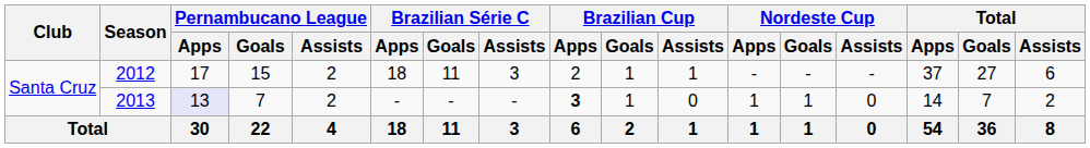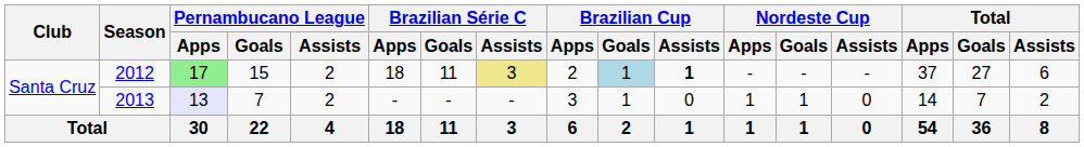 <table class="wikitable" style="text-align: center;">
 <tr>
 <th rowspan="2">Club</th>
 <th rowspan="2">Season</th>
 <th colspan="3"><a href='#'>Pernambucano League</a></th>
 <th colspan="3"><a href='#'>Brazilian Série C</a></th>
 <th colspan="3"><a href='#'>Brazilian Cup</a></th>
 <th colspan="3"><a href='#'>Nordeste Cup</a></th>
 <th colspan="3">Total</th>
 </tr>
 <tr>
 <th>Apps</th>
 <th>Goals</th>
 <th>Assists</th>
 <th>Apps</th>
 <th>Goals</th>
 <th>Assists</th>
 <th>Apps</th>
 <th>Goals</th>
 <th>Assists</th>
 <th>Apps</th>
 <th>Goals</th>
 <th>Assists</th>
 <th>Apps</th>
 <th>Goals</th>
 <th>Assists</th>
 </tr>
 <tr>
 <td rowspan="2" valign="center"><a href='#'>Santa Cruz</a></td>
 <td><a href='#'>2012</a></td>
-<td>17</td>
+<td style="background: lightgreen;">17</td>
 <td>15</td>
 <td>2</td>
 <td>18</td>
 <td>11</td>
-<td>3</td>
+<td style="background: khaki;">3</td>
 <td>2</td>
-<td>1</td>
-<td>1</td>
+<td style="background: lightblue;">1</td>
+<td><strong>1</strong></td>
 <td>-</td>
 <td>-</td>
 <td>-</td>
 <td>37</td>
 <td>27</td>
 <td>6</td>
 </tr>
 <tr>
 <td><a href='#'>2013</a></td>
 <td style="background: lavender;">13</td>
 <td>7</td>
 <td>2</td>
 <td>-</td>
 <td>-</td>
 <td>-</td>
-<td><strong>3</strong></td>
+<td>3</td>
 <td>1</td>
 <td>0</td>
 <td>1</td>
 <td>1</td>
 <td>0</td>
 <td>14</td>
 <td>7</td>
 <td>2</td>
 </tr>
 <tr>
 </tr>
 <tr>
 <th colspan="2"><strong>Total</strong></th>
 <th>30</th>
 <th>22</th>
 <th>4</th>
 <th>18</th>
 <th>11</th>
 <th>3</th>
 <th>6</th>
 <th>2</th>
 <th>1</th>
 <th>1</th>
 <th>1</th>
 <th>0</th>
 <th>54</th>
 <th>36</th>
 <th>8</th>
 </tr>
 </table>
